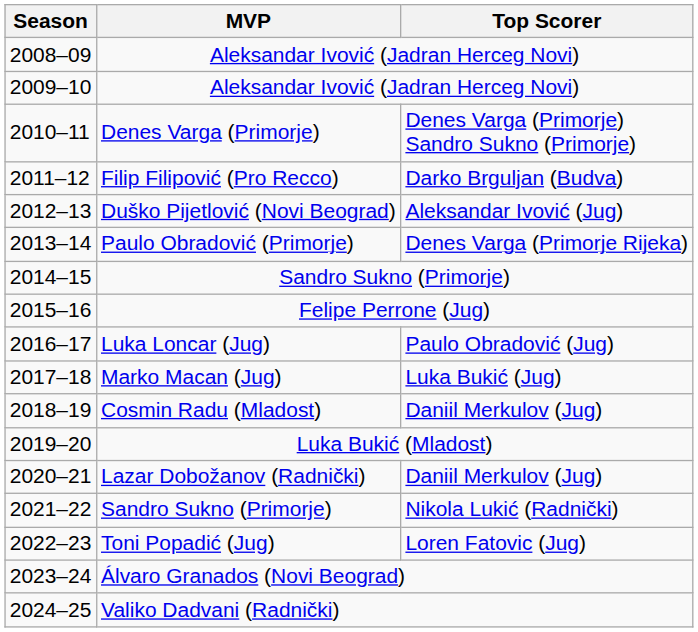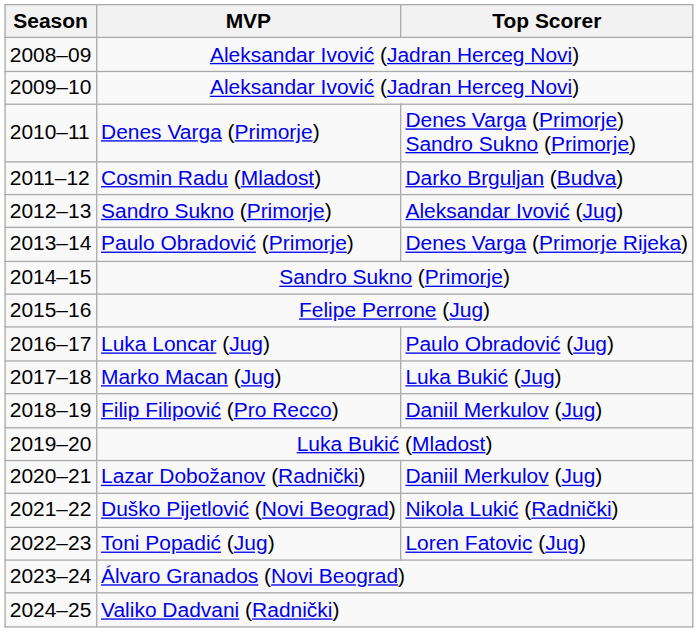 <table class=wikitable style="text-align:left; margin:auto">
 <tr>
 <th>Season</th>
 <th>MVP</th>
 <th>Top Scorer</th>
 </tr>
 <tr>
 <td>2008–09</td>
 <td colspan="2"  align=center> <a href='#'>Aleksandar Ivović</a> (<a href='#'>Jadran Herceg Novi</a>)</td>
 </tr>
 <tr>
 <td>2009–10</td>
 <td colspan="2"  align=center> <a href='#'>Aleksandar Ivović</a> (<a href='#'>Jadran Herceg Novi</a>)</td>
 </tr>
 <tr>
 <td>2010–11</td>
 <td> <a href='#'>Denes Varga</a> (<a href='#'>Primorje</a>)</td>
 <td> <a href='#'>Denes Varga</a> (<a href='#'>Primorje</a>)<br>  <a href='#'>Sandro Sukno</a> (<a href='#'>Primorje</a>)</td>
 </tr>
 <tr>
 <td>2011–12</td>
-<td> <a href='#'>Filip Filipović</a> (<a href='#'>Pro Recco</a>)</td>
+<td> <a href='#'>Cosmin Radu</a> (<a href='#'>Mladost</a>)</td>
 <td> <a href='#'>Darko Brguljan</a> (<a href='#'>Budva</a>)</td>
 </tr>
 <tr>
 <td>2012–13</td>
-<td> <a href='#'>Duško Pijetlović</a> (<a href='#'>Novi Beograd</a>)</td>
+<td> <a href='#'>Sandro Sukno</a> (<a href='#'>Primorje</a>)</td>
 <td> <a href='#'>Aleksandar Ivović</a> (<a href='#'>Jug</a>)</td>
 </tr>
 <tr>
 <td>2013–14</td>
 <td> <a href='#'>Paulo Obradović</a> (<a href='#'>Primorje</a>)</td>
 <td> <a href='#'>Denes Varga</a> (<a href='#'>Primorje Rijeka</a>)</td>
 </tr>
 <tr>
 <td>2014–15</td>
 <td colspan="2"  align=center> <a href='#'>Sandro Sukno</a> (<a href='#'>Primorje</a>)</td>
 </tr>
 <tr>
 <td>2015–16</td>
 <td colspan="2" align=center> <a href='#'>Felipe Perrone</a> (<a href='#'>Jug</a>)</td>
 </tr>
 <tr>
 <td>2016–17</td>
 <td> <a href='#'>Luka Loncar</a> (<a href='#'>Jug</a>)</td>
 <td> <a href='#'>Paulo Obradović</a> (<a href='#'>Jug</a>)</td>
 </tr>
 <tr>
 <td>2017–18</td>
 <td> <a href='#'>Marko Macan</a> (<a href='#'>Jug</a>)</td>
 <td> <a href='#'>Luka Bukić</a> (<a href='#'>Jug</a>)</td>
 </tr>
 <tr>
 <td>2018–19</td>
-<td> <a href='#'>Cosmin Radu</a> (<a href='#'>Mladost</a>)</td>
+<td> <a href='#'>Filip Filipović</a> (<a href='#'>Pro Recco</a>)</td>
 <td> <a href='#'>Daniil Merkulov</a> (<a href='#'>Jug</a>)</td>
 </tr>
 <tr>
 <td>2019–20</td>
 <td colspan="2"  align=center> <a href='#'>Luka Bukić</a> (<a href='#'>Mladost</a>)</td>
 </tr>
 <tr>
 <td>2020–21</td>
 <td> <a href='#'>Lazar Dobožanov</a> (<a href='#'>Radnički</a>)</td>
 <td> <a href='#'>Daniil Merkulov</a> (<a href='#'>Jug</a>)</td>
 </tr>
 <tr>
 <td>2021–22</td>
-<td> <a href='#'>Sandro Sukno</a> (<a href='#'>Primorje</a>)</td>
+<td> <a href='#'>Duško Pijetlović</a> (<a href='#'>Novi Beograd</a>)</td>
 <td> <a href='#'>Nikola Lukić</a> (<a href='#'>Radnički</a>)</td>
 </tr>
 <tr>
 <td>2022–23</td>
 <td> <a href='#'>Toni Popadić</a> (<a href='#'>Jug</a>)</td>
 <td> <a href='#'>Loren Fatovic</a> (<a href='#'>Jug</a>)</td>
 </tr>
 <tr>
 <td>2023–24</td>
 <td colspan="2"> <a href='#'>Álvaro Granados</a> (<a href='#'>Novi Beograd</a>)</td>
 </tr>
 <tr>
 <td>2024–25</td>
 <td colspan="2"> <a href='#'>Valiko Dadvani</a> (<a href='#'>Radnički</a>)</td>
 </tr>
 </table>
